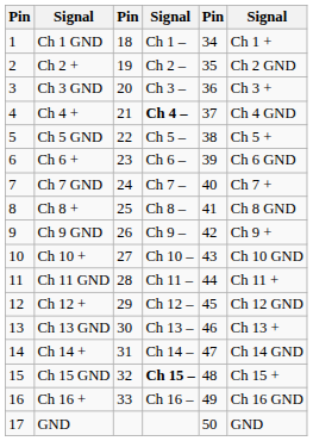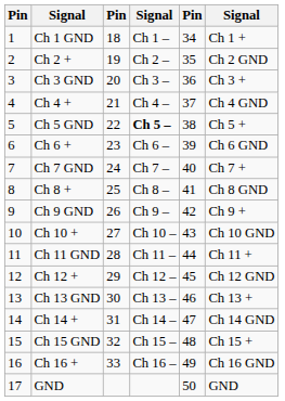 <table class="wikitable">
 <tr>
 <th>Pin</th>
 <th>Signal</th>
 <th>Pin</th>
 <th>Signal</th>
 <th>Pin</th>
 <th>Signal</th>
 </tr>
 <tr>
 <td>1</td>
 <td>Ch 1 GND</td>
 <td>18</td>
 <td>Ch 1 –</td>
 <td>34</td>
 <td>Ch 1 +</td>
 </tr>
 <tr>
 <td>2</td>
 <td>Ch 2 +</td>
 <td>19</td>
 <td>Ch 2 –</td>
 <td>35</td>
 <td>Ch 2 GND</td>
 </tr>
 <tr>
 <td>3</td>
 <td>Ch 3 GND</td>
 <td>20</td>
 <td>Ch 3 –</td>
 <td>36</td>
 <td>Ch 3 +</td>
 </tr>
 <tr>
 <td>4</td>
 <td>Ch 4 +</td>
 <td>21</td>
-<td><strong>Ch 4 –</strong></td>
+<td>Ch 4 –</td>
 <td>37</td>
 <td>Ch 4 GND</td>
 </tr>
 <tr>
 <td>5</td>
 <td>Ch 5 GND</td>
 <td>22</td>
-<td>Ch 5 –</td>
+<td><strong>Ch 5 –</strong></td>
 <td>38</td>
 <td>Ch 5 +</td>
 </tr>
 <tr>
 <td>6</td>
 <td>Ch 6 +</td>
 <td>23</td>
 <td>Ch 6 –</td>
 <td>39</td>
 <td>Ch 6 GND</td>
 </tr>
 <tr>
 <td>7</td>
 <td>Ch 7 GND</td>
 <td>24</td>
 <td>Ch 7 –</td>
 <td>40</td>
 <td>Ch 7 +</td>
 </tr>
 <tr>
 <td>8</td>
 <td>Ch 8 +</td>
 <td>25</td>
 <td>Ch 8 –</td>
 <td>41</td>
 <td>Ch 8 GND</td>
 </tr>
 <tr>
 <td>9</td>
 <td>Ch 9 GND</td>
 <td>26</td>
 <td>Ch 9 –</td>
 <td>42</td>
 <td>Ch 9 +</td>
 </tr>
 <tr>
 <td>10</td>
 <td>Ch 10 +</td>
 <td>27</td>
 <td>Ch 10 –</td>
 <td>43</td>
 <td>Ch 10 GND</td>
 </tr>
 <tr>
 <td>11</td>
 <td>Ch 11 GND</td>
 <td>28</td>
 <td>Ch 11 –</td>
 <td>44</td>
 <td>Ch 11 +</td>
 </tr>
 <tr>
 <td>12</td>
 <td>Ch 12 +</td>
 <td>29</td>
 <td>Ch 12 –</td>
 <td>45</td>
 <td>Ch 12 GND</td>
 </tr>
 <tr>
 <td>13</td>
 <td>Ch 13 GND</td>
 <td>30</td>
 <td>Ch 13 –</td>
 <td>46</td>
 <td>Ch 13 +</td>
 </tr>
 <tr>
 <td>14</td>
 <td>Ch 14 +</td>
 <td>31</td>
 <td>Ch 14 –</td>
 <td>47</td>
 <td>Ch 14 GND</td>
 </tr>
 <tr>
 <td>15</td>
 <td>Ch 15 GND</td>
 <td>32</td>
-<td><strong>Ch 15 –</strong></td>
+<td>Ch 15 –</td>
 <td>48</td>
 <td>Ch 15 +</td>
 </tr>
 <tr>
 <td>16</td>
 <td>Ch 16 +</td>
 <td>33</td>
 <td>Ch 16 –</td>
 <td>49</td>
 <td>Ch 16 GND</td>
 </tr>
 <tr>
 <td>17</td>
 <td>GND</td>
 <td></td>
 <td></td>
 <td>50</td>
 <td>GND</td>
 </tr>
 </table>
